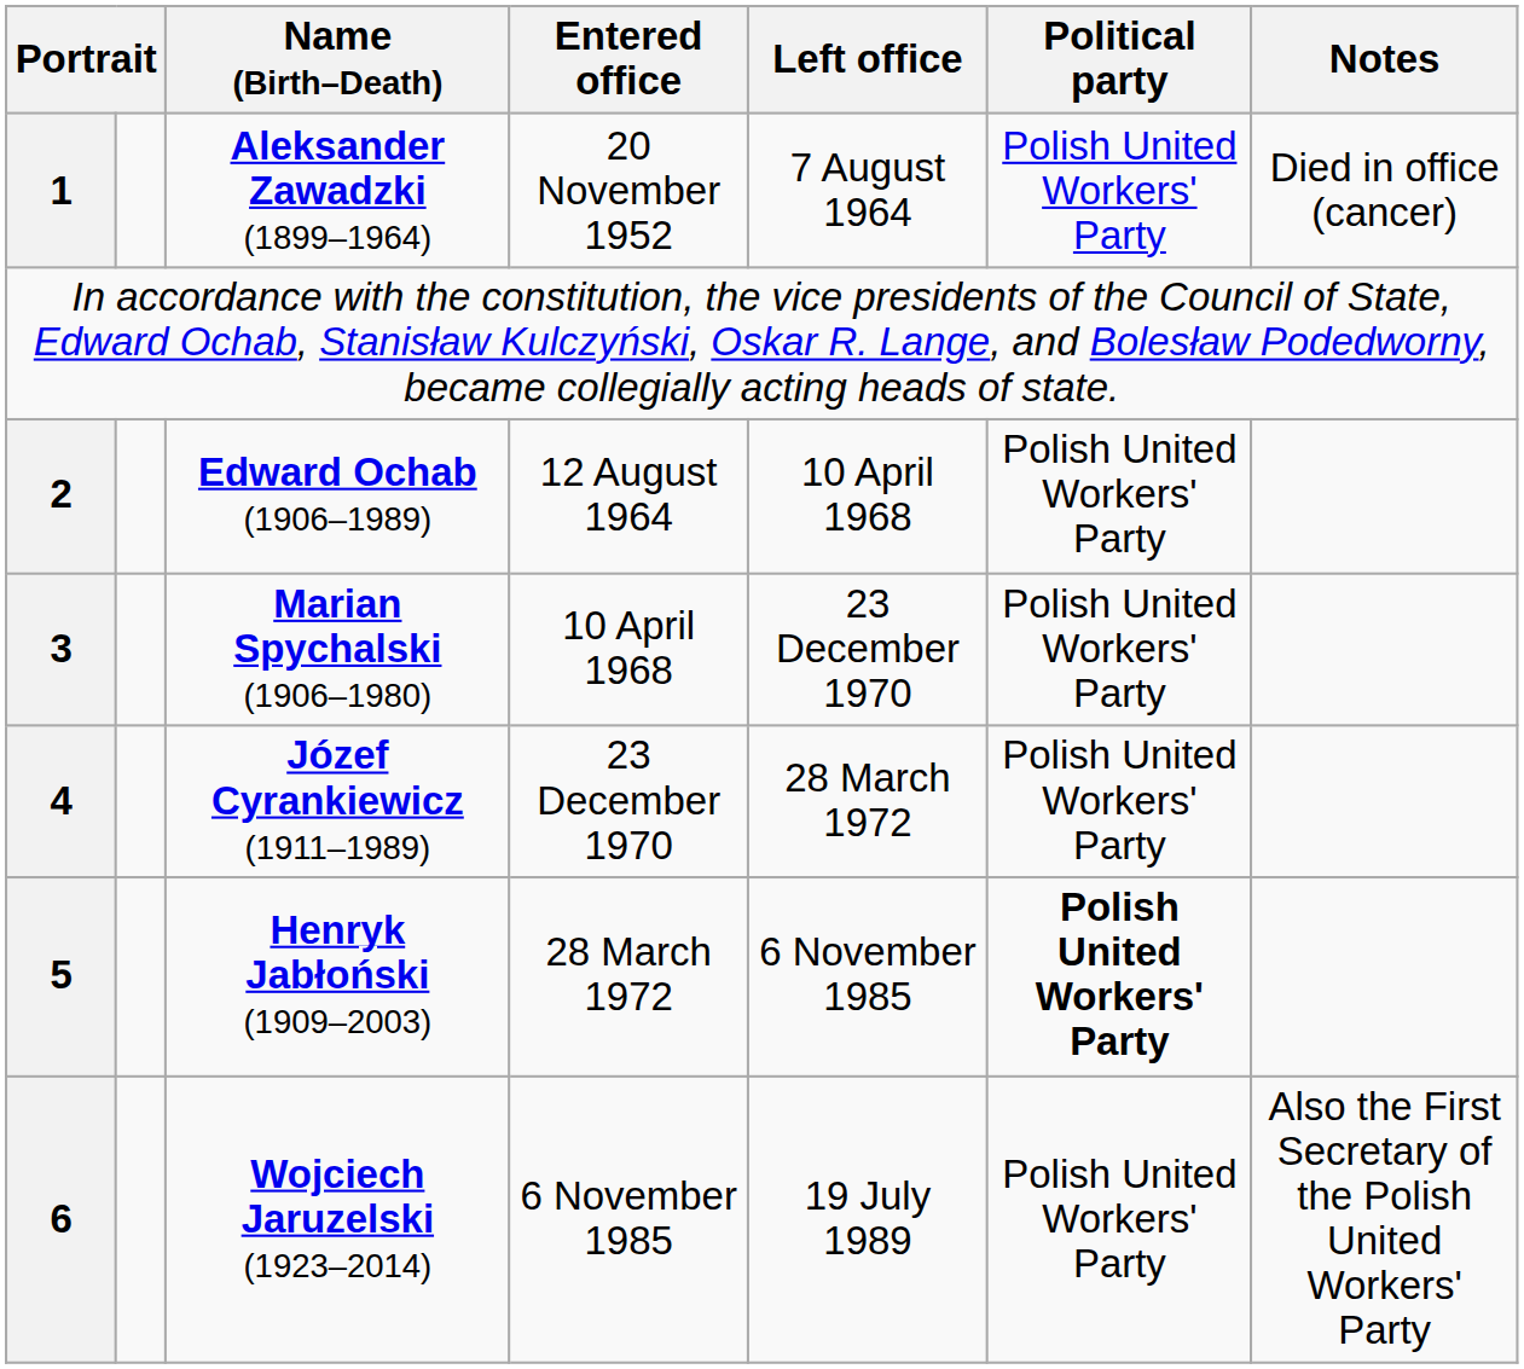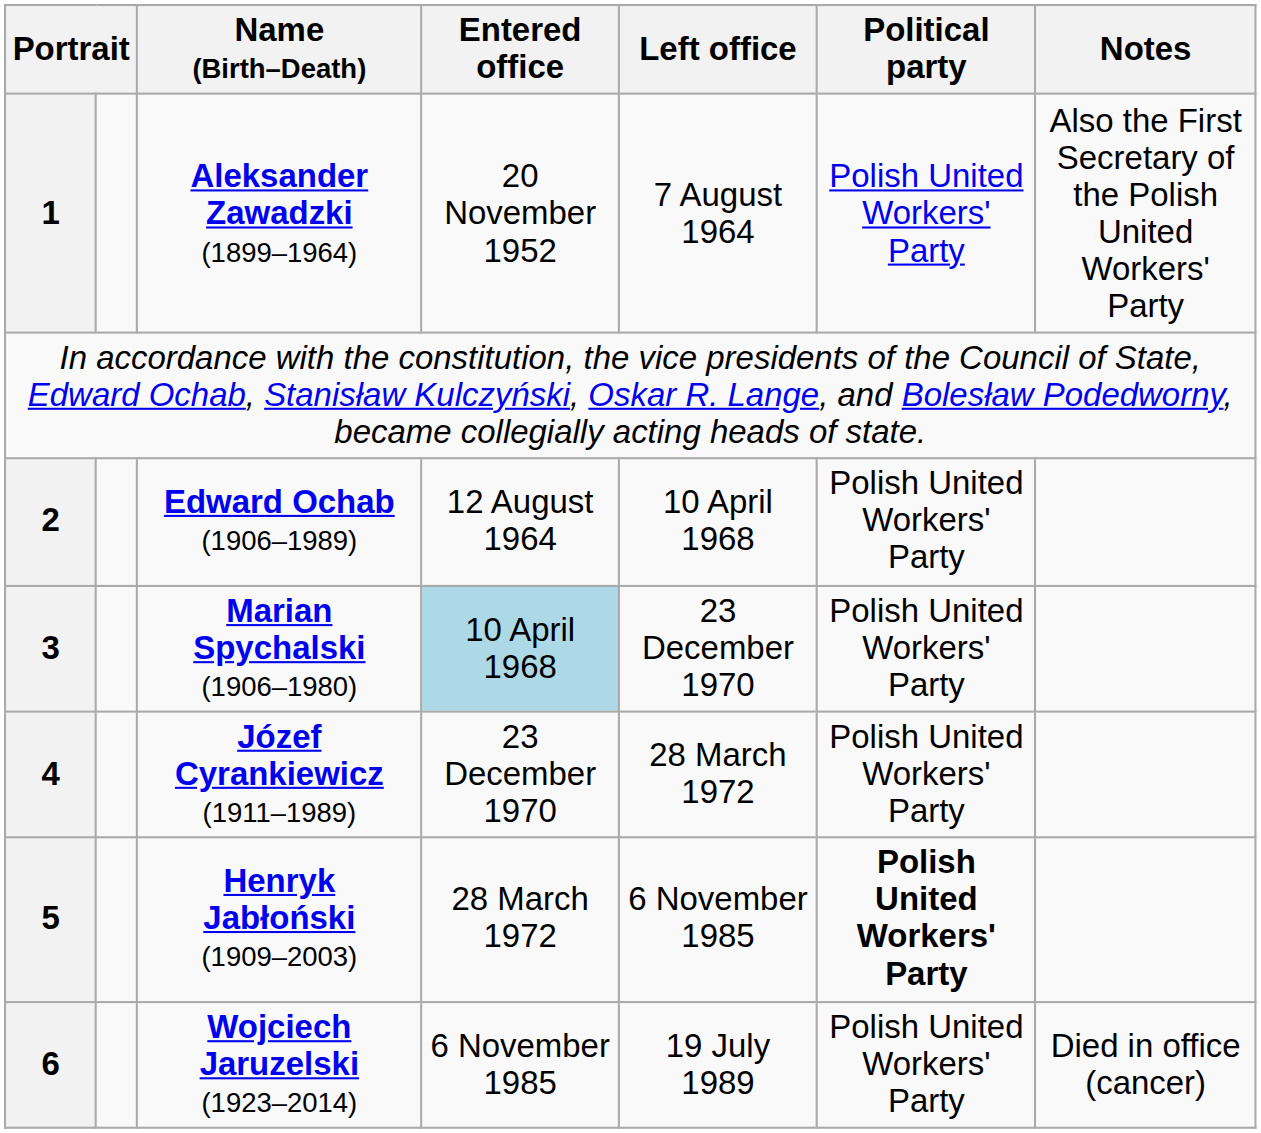 <table class="wikitable" style="text-align:center">
 <tr>
 <th colspan=2>Portrait</th>
 <th width=25%>Name<br><small>(Birth–Death)</small></th>
 <th width=17%>Entered office</th>
 <th width=17%>Left office</th>
 <th width=20%>Political party</th>
 <th width=20%>Notes</th>
 </tr>
 <tr>
 <th style="background:">1</th>
 <td></td>
 <td><strong><a href='#'>Aleksander Zawadzki</a></strong><br><small>(1899–1964)</small></td>
 <td>20 November 1952</td>
 <td>7 August 1964</td>
 <td><a href='#'>Polish United Workers' Party</a></td>
-<td>Died in office (cancer)</td>
+<td>Also the First Secretary of the Polish United Workers' Party</td>
 </tr>
 <tr>
 <td colspan="7"><em>In accordance with the constitution, the vice presidents of the Council of State, <a href='#'>Edward Ochab</a>, <a href='#'>Stanisław Kulczyński</a>, <a href='#'>Oskar R. Lange</a>, and <a href='#'>Bolesław Podedworny</a>, became collegially acting heads of state.</em></td>
 </tr>
 <tr>
 <th style="background:">2</th>
 <td></td>
 <td><strong><a href='#'>Edward Ochab</a></strong><br><small>(1906–1989)</small></td>
 <td>12 August 1964</td>
 <td>10 April 1968</td>
 <td>Polish United Workers' Party</td>
 <td></td>
 </tr>
 <tr>
 <th style="background:">3</th>
 <td></td>
 <td><strong><a href='#'>Marian Spychalski</a></strong><br><small>(1906–1980)</small></td>
-<td>10 April 1968</td>
+<td style="background: lightblue;">10 April 1968</td>
 <td>23 December 1970</td>
 <td>Polish United Workers' Party</td>
 <td></td>
 </tr>
 <tr>
 <th style="background:">4</th>
 <td></td>
 <td><strong><a href='#'>Józef Cyrankiewicz</a></strong><br><small>(1911–1989)</small></td>
 <td>23 December 1970</td>
 <td>28 March 1972</td>
 <td>Polish United Workers' Party</td>
 <td></td>
 </tr>
 <tr>
 <th style="background:">5</th>
 <td></td>
 <td><strong><a href='#'>Henryk Jabłoński</a></strong><br><small>(1909–2003)</small></td>
 <td>28 March 1972</td>
 <td>6 November 1985</td>
 <td><strong>Polish United Workers' Party</strong></td>
 <td></td>
 </tr>
 <tr>
 <th style="background:">6</th>
 <td></td>
 <td><strong><a href='#'>Wojciech Jaruzelski</a></strong><br><small>(1923–2014)</small></td>
 <td>6 November 1985</td>
 <td>19 July 1989</td>
 <td>Polish United Workers' Party</td>
-<td>Also the First Secretary of the Polish United Workers' Party</td>
+<td>Died in office (cancer)</td>
 </tr>
 </table>
